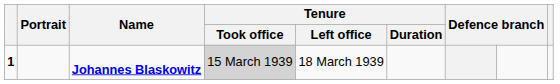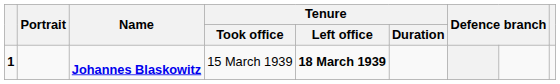 <table class="wikitable" style="text-align:center">
 <tr>
 <th rowspan=2></th>
 <th rowspan=2>Portrait</th>
 <th rowspan=2>Name<br></th>
 <th colspan=3>Tenure</th>
 <th rowspan=2 colspan=2>Defence branch</th>
 <th rowspan=2></th>
 </tr>
 <tr>
 <th>Took office</th>
 <th>Left office</th>
 <th>Duration</th>
 </tr>
 <tr>
 <td><strong>1</strong></td>
 <td></td>
 <td><br><strong><a href='#'>Johannes Blaskowitz</a></strong><br></td>
-<td style="background: lightgrey;">15 March 1939</td>
-<td>18 March 1939</td>
+<td>15 March 1939</td>
+<td><strong>18 March 1939</strong></td>
 <td></td>
 <th style="background:"></th>
 <td></td>
 <td></td>
 </tr>
 </table>
